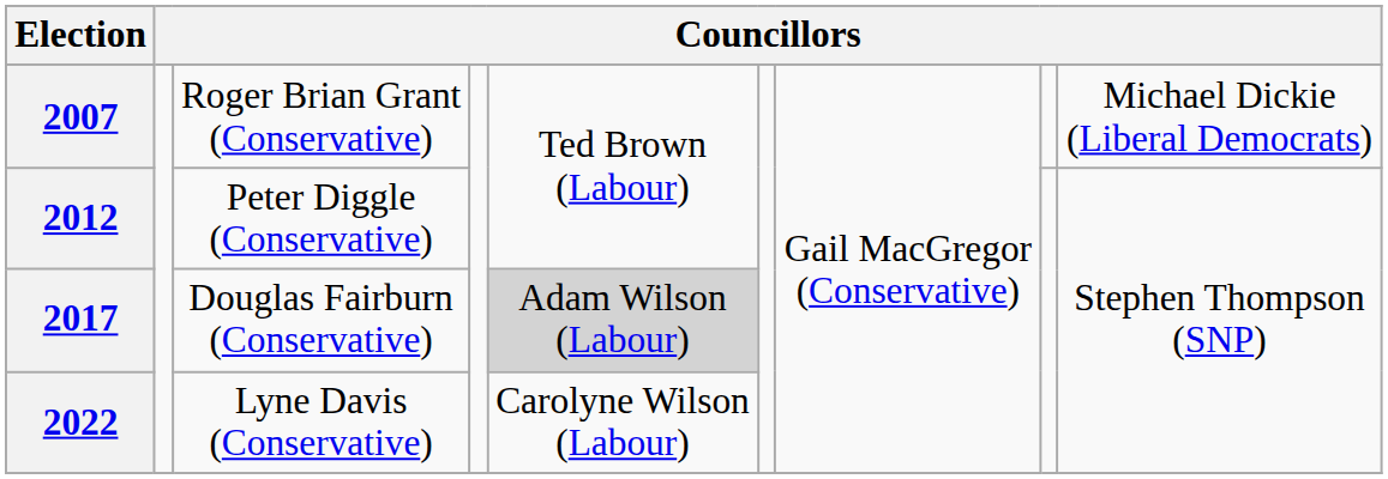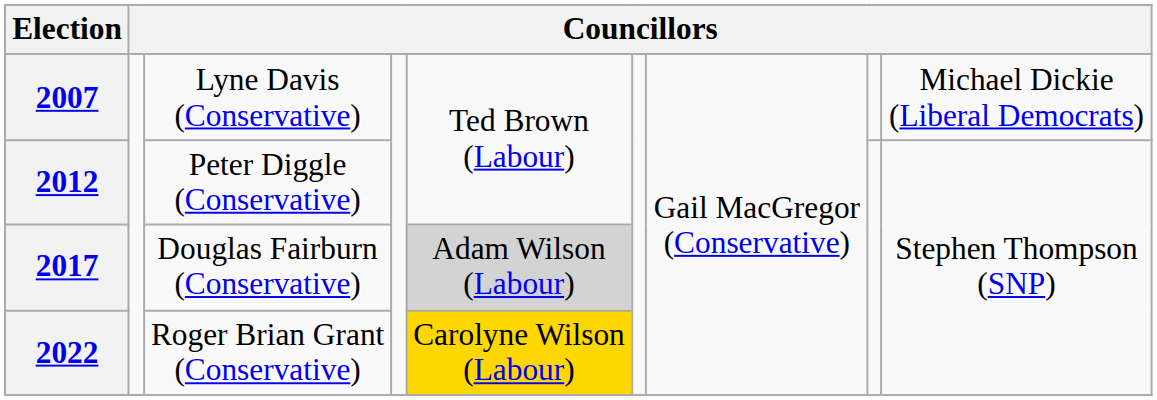 <table class="wikitable" style="text-align:center">
 <tr>
 <th>Election</th>
 <th colspan=8>Councillors</th>
 </tr>
 <tr>
 <th><a href='#'>2007</a></th>
 <td rowspan=4; style="background-color: "></td>
-<td>Roger Brian Grant<br>(<a href='#'>Conservative</a>)</td>
+<td>Lyne Davis<br>(<a href='#'>Conservative</a>)</td>
 <td rowspan=4; style="background-color: "></td>
 <td rowspan=2>Ted Brown<br>(<a href='#'>Labour</a>)</td>
 <td rowspan=4; style="background-color: "></td>
 <td rowspan=4>Gail MacGregor<br>(<a href='#'>Conservative</a>)</td>
 <td style="background-color: "></td>
 <td>Michael Dickie<br>(<a href='#'>Liberal Democrats</a>)</td>
 </tr>
 <tr>
 <th><a href='#'>2012</a></th>
 <td>Peter Diggle<br>(<a href='#'>Conservative</a>)</td>
 <td rowspan=3; style="background-color: "></td>
 <td rowspan=3>Stephen Thompson<br>(<a href='#'>SNP</a>)</td>
 </tr>
 <tr>
 <th><a href='#'>2017</a></th>
 <td>Douglas Fairburn<br>(<a href='#'>Conservative</a>)</td>
 <td style="background: lightgrey;">Adam Wilson<br>(<a href='#'>Labour</a>)</td>
 </tr>
 <tr>
 <th><a href='#'>2022</a></th>
-<td>Lyne Davis<br>(<a href='#'>Conservative</a>)</td>
-<td>Carolyne Wilson<br>(<a href='#'>Labour</a>)</td>
+<td>Roger Brian Grant<br>(<a href='#'>Conservative</a>)</td>
+<td style="background: gold;">Carolyne Wilson<br>(<a href='#'>Labour</a>)</td>
 </tr>
 </table>
